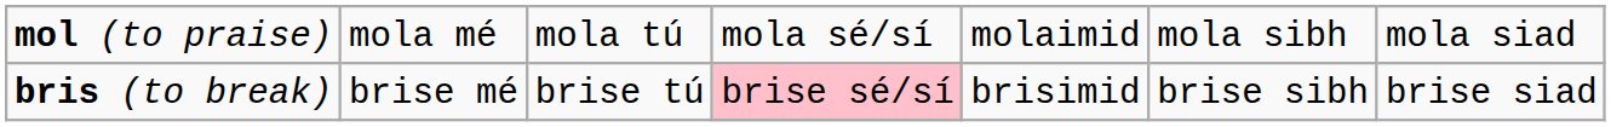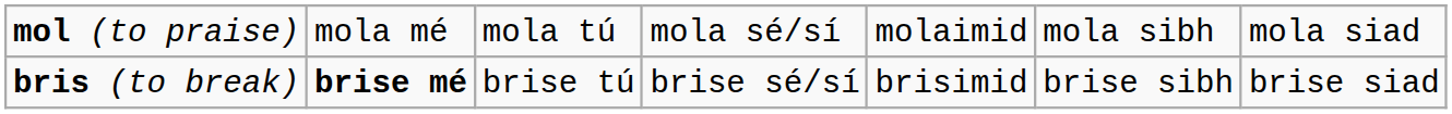 <table class="wikitable">
 <tr>
 <td><strong>mol</strong> <em>(to praise)</em></td>
 <td>mola mé</td>
 <td>mola tú</td>
 <td>mola sé/sí</td>
 <td>molaimid</td>
 <td>mola sibh</td>
 <td>mola siad</td>
 </tr>
 <tr>
 <td><strong>bris</strong> <em>(to break)</em></td>
-<td>brise mé</td>
+<td><strong>brise mé</strong></td>
 <td>brise tú</td>
-<td style="background: pink;">brise sé/sí</td>
+<td>brise sé/sí</td>
 <td>brisimid</td>
 <td>brise sibh</td>
 <td>brise siad</td>
 </tr>
 </table>
